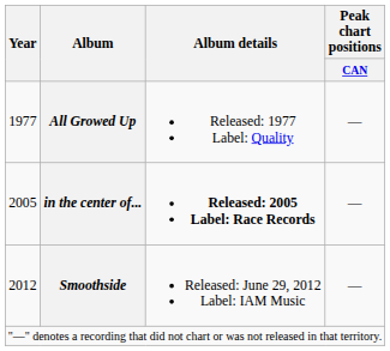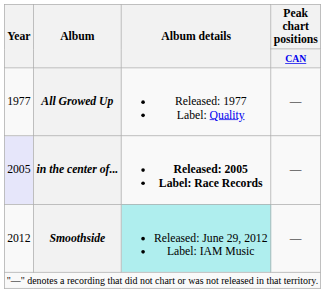 <table class="wikitable plainrowheaders" style="text-align:center;" border="1">
 <tr>
 <th rowspan="2">Year</th>
 <th rowspan="2">Album</th>
 <th rowspan="2">Album details</th>
 <th colspan="1">Peak chart positions</th>
 </tr>
 <tr>
 <th width="40px"><small><a href='#'>CAN</a></small><br></th>
 </tr>
 <tr>
 <td rowspan="1">1977</td>
 <th scope="row"><em>All Growed Up</em></th>
 <td><br><ul><li>Released: 1977</li><li>Label: <a href='#'>Quality</a></li></ul></td>
 <td>—</td>
 </tr>
 <tr>
-<td rowspan="1">2005</td>
+<td rowspan="1" style="background: lavender;">2005</td>
 <th scope="row"><em>in the center of...</em></th>
 <td><strong><br><ul><li>Released: 2005</li><li>Label: Race Records</li></ul></strong></td>
 <td>—</td>
 </tr>
 <tr>
 <td rowspan="1">2012</td>
 <th scope="row"><em>Smoothside</em></th>
-<td><br><ul><li>Released: June 29, 2012</li><li>Label: IAM Music</li></ul></td>
+<td style="background: paleturquoise;"><br><ul><li>Released: June 29, 2012</li><li>Label: IAM Music</li></ul></td>
 <td>—</td>
 </tr>
 <tr>
 <td colspan="6" style="font-size:85%">"—" denotes a recording that did not chart or was not released in that territory.</td>
 </tr>
 </table>
